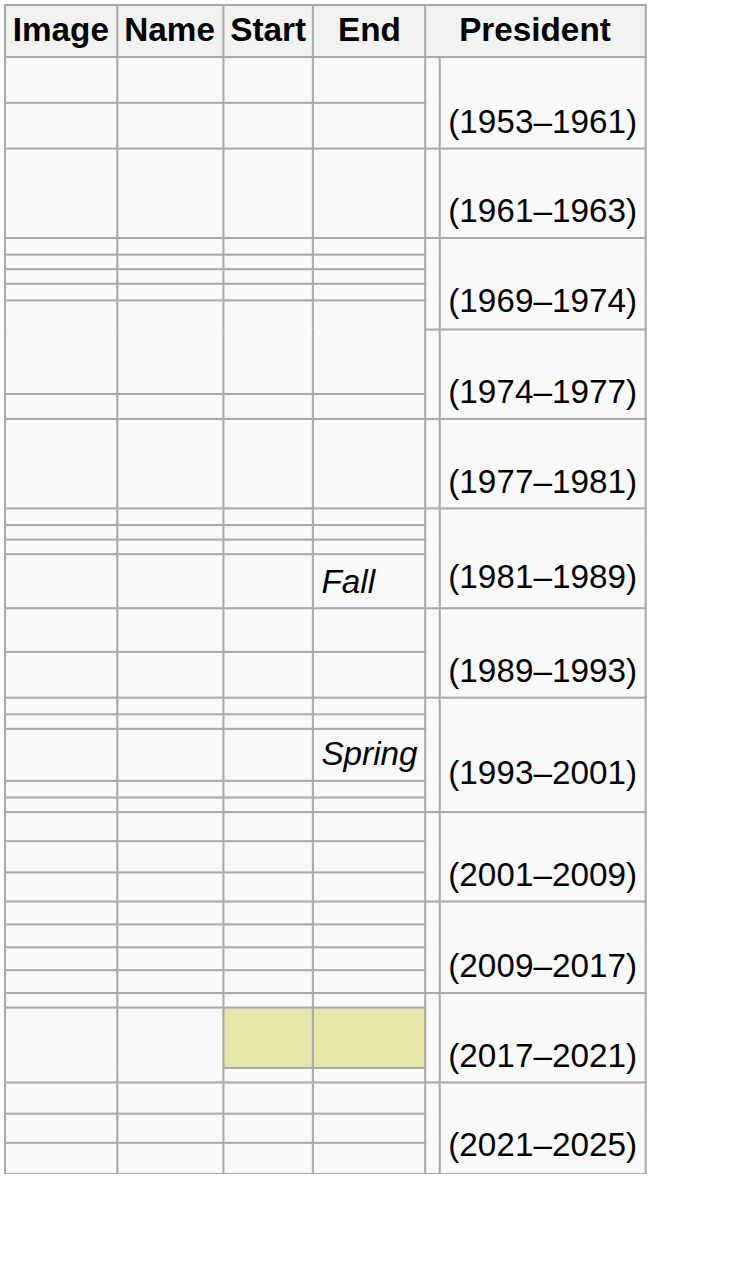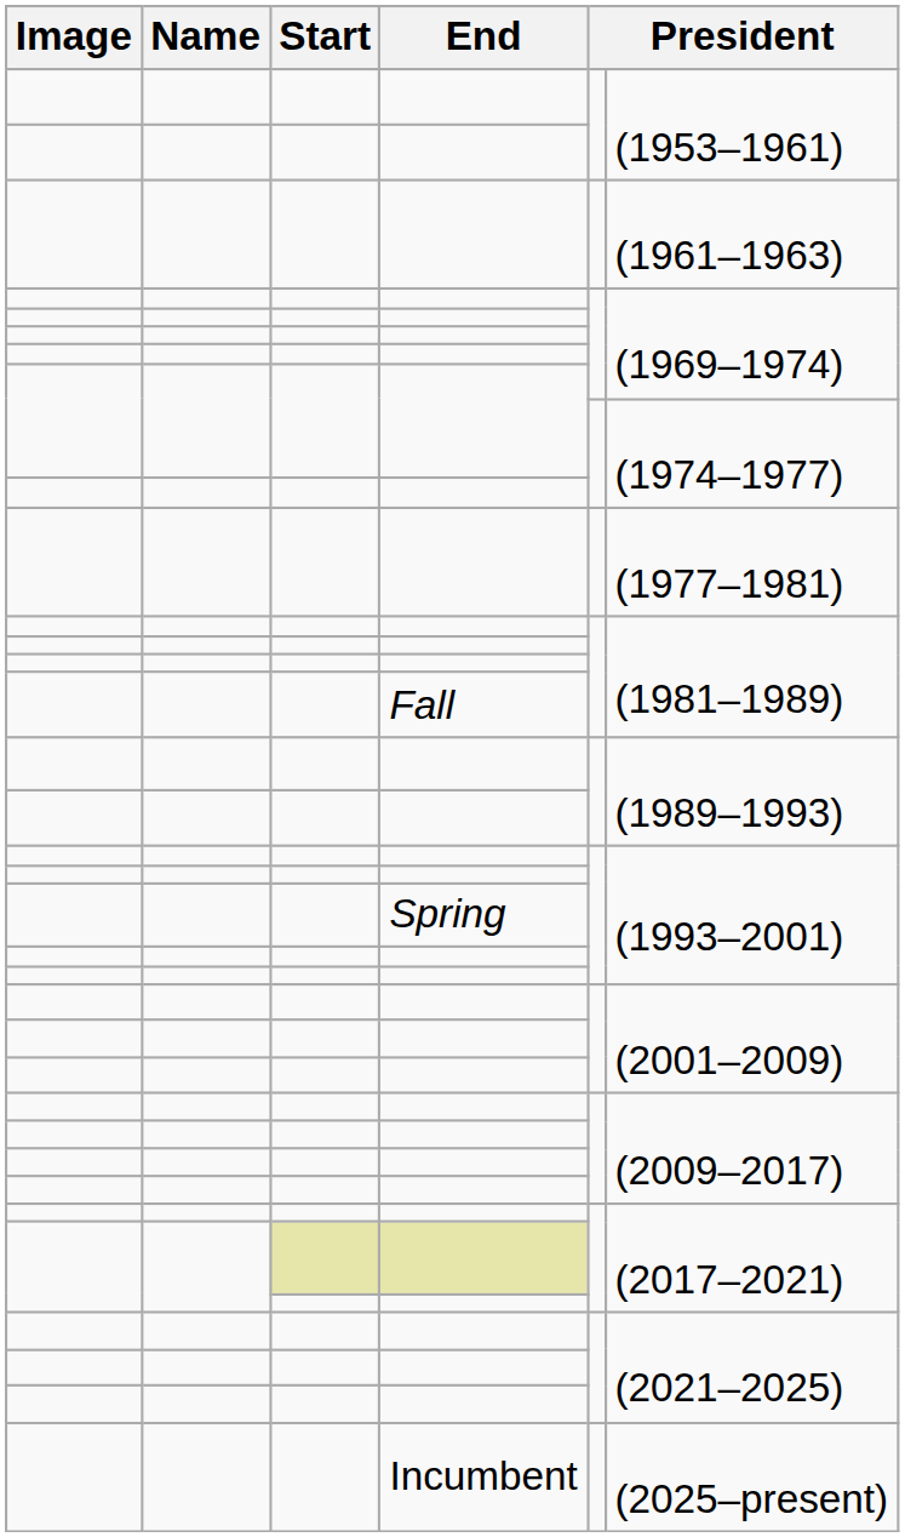 <table class="wikitable sortable">
 <tr>
 <th class=unsortable>Image</th>
 <th>Name</th>
 <th>Start</th>
 <th>End</th>
 <th colspan=2>President</th>
 </tr>
 <tr>
 <td></td>
 <td></td>
 <td></td>
 <td></td>
 <td rowspan=2 style="background: "></td>
 <td rowspan=2><br>(1953–1961)</td>
 </tr>
 <tr>
 <td></td>
 <td></td>
 <td></td>
 <td></td>
 </tr>
 <tr>
 <td></td>
 <td></td>
 <td></td>
 <td></td>
 <td style="background: "></td>
 <td><br>(1961–1963)</td>
 </tr>
 <tr>
 <td></td>
 <td></td>
 <td></td>
 <td></td>
 <td rowspan=5 style="background: "></td>
 <td rowspan=5><br>(1969–1974)</td>
 </tr>
 <tr>
 <td></td>
 <td></td>
 <td></td>
 <td></td>
 </tr>
 <tr>
 <td></td>
 <td></td>
 <td></td>
 <td></td>
 </tr>
 <tr>
 <td></td>
 <td></td>
 <td></td>
 <td></td>
 </tr>
 <tr>
 <td rowspan=2 style="padding-top: 1em; padding-bottom: 1em;"></td>
 <td rowspan=2 style="padding-top: 1em; padding-bottom: 1em;"></td>
 <td rowspan=2 style="padding-top: 1em; padding-bottom: 1em;"></td>
 <td rowspan=2 style="padding-top: 1em; padding-bottom: 1em;"></td>
 </tr>
 <tr>
 <td rowspan=2 style="background: "></td>
 <td rowspan=2><br>(1974–1977)</td>
 </tr>
 <tr>
 <td></td>
 <td></td>
 <td></td>
 <td></td>
 </tr>
 <tr>
 <td></td>
 <td></td>
 <td></td>
 <td></td>
 <td style="background: "></td>
 <td><br>(1977–1981)</td>
 </tr>
 <tr>
 <td></td>
 <td></td>
 <td></td>
 <td></td>
 <td rowspan=4 style="background: "></td>
 <td rowspan=4><br>(1981–1989)</td>
 </tr>
 <tr>
 <td></td>
 <td></td>
 <td></td>
 <td></td>
 </tr>
 <tr>
 <td></td>
 <td></td>
 <td></td>
 <td></td>
 </tr>
 <tr>
 <td></td>
 <td></td>
 <td></td>
 <td><em>Fall </em></td>
 </tr>
 <tr>
 <td></td>
 <td></td>
 <td></td>
 <td></td>
 <td rowspan=2 style="background: "></td>
 <td rowspan=2><br>(1989–1993)</td>
 </tr>
 <tr>
 <td></td>
 <td></td>
 <td></td>
 <td></td>
 </tr>
 <tr>
 <td></td>
 <td></td>
 <td></td>
 <td></td>
 <td rowspan=5 style="background: "></td>
 <td rowspan=5><br>(1993–2001)</td>
 </tr>
 <tr>
 <td></td>
 <td></td>
 <td></td>
 <td></td>
 </tr>
 <tr>
 <td></td>
 <td></td>
 <td></td>
 <td><em>Spring </em></td>
 </tr>
 <tr>
 <td></td>
 <td></td>
 <td></td>
 <td></td>
 </tr>
 <tr>
 <td></td>
 <td></td>
 <td></td>
 <td></td>
 </tr>
 <tr>
 <td></td>
 <td></td>
 <td></td>
 <td></td>
 <td rowspan=3 style="background: "></td>
 <td rowspan=3><br>(2001–2009)</td>
 </tr>
 <tr>
 <td></td>
 <td></td>
 <td></td>
 <td></td>
 </tr>
 <tr>
 <td></td>
 <td></td>
 <td></td>
 <td></td>
 </tr>
 <tr>
 <td></td>
 <td></td>
 <td></td>
 <td></td>
 <td rowspan=4 style="background: "></td>
 <td rowspan=4><br>(2009–2017)</td>
 </tr>
 <tr>
 <td></td>
 <td></td>
 <td></td>
 <td></td>
 </tr>
 <tr>
 <td></td>
 <td></td>
 <td></td>
 <td></td>
 </tr>
 <tr>
 <td></td>
 <td></td>
 <td></td>
 <td></td>
 </tr>
 <tr>
 <td></td>
 <td></td>
 <td></td>
 <td></td>
 <td rowspan=3 style="background: "></td>
 <td rowspan=3><br>(2017–2021)</td>
 </tr>
 <tr>
 <td rowspan=2></td>
 <td rowspan=2></td>
 <td style="background-color:#E6E6AA;"></td>
 <td style="background-color:#E6E6AA;"></td>
 </tr>
 <tr>
 <td></td>
 <td></td>
 </tr>
 <tr>
 <td></td>
 <td></td>
 <td></td>
 <td></td>
 <td rowspan=3 style="background: "></td>
 <td rowspan=3><br>(2021–2025)</td>
 </tr>
 <tr>
 <td></td>
 <td></td>
 <td></td>
 <td></td>
 </tr>
 <tr>
 <td></td>
 <td></td>
 <td></td>
 <td></td>
 </tr>
+<tr>
+<td></td>
+<td></td>
+<td></td>
+<td>Incumbent</td>
+<td style="background: "></td>
+<td><br>(2025–present)</td>
+</tr>
 </table>
